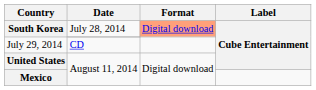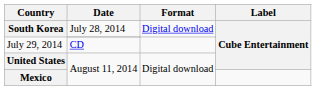 <table class="wikitable plainrowheaders">
 <tr>
 <th scope="col">Country</th>
 <th>Date</th>
 <th>Format</th>
 <th>Label</th>
 </tr>
 <tr>
 <th scope="row" rowspan="2">South Korea</th>
 <td>July 28, 2014</td>
-<td style="background: lightsalmon;"><a href='#'>Digital download</a></td>
+<td><a href='#'>Digital download</a></td>
 <th scope="row" rowspan="4">Cube Entertainment</th>
 </tr>
 <tr>
 </tr>
 <tr>
 <td>July 29, 2014</td>
 <td><a href='#'>CD</a></td>
 </tr>
 <tr>
 <th scope="row">United States</th>
 <td rowspan="2">August 11, 2014</td>
 <td rowspan="2">Digital download</td>
 </tr>
 <tr>
 <th scope="row">Mexico</th>
 </tr>
 </table>
